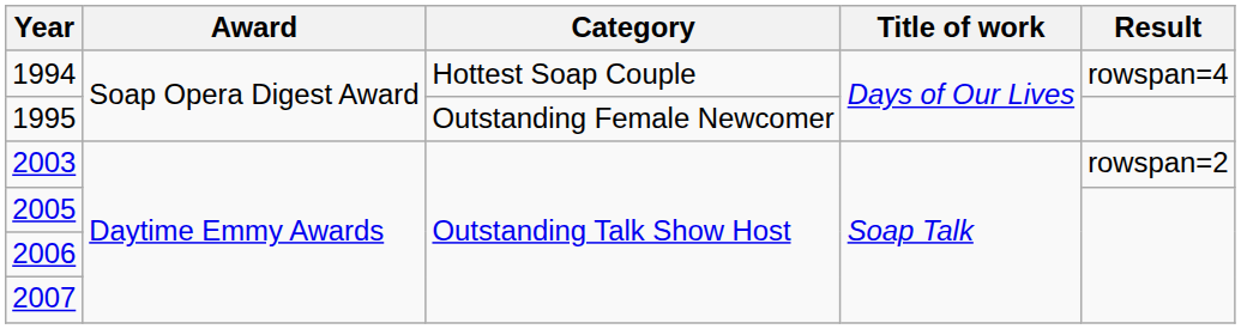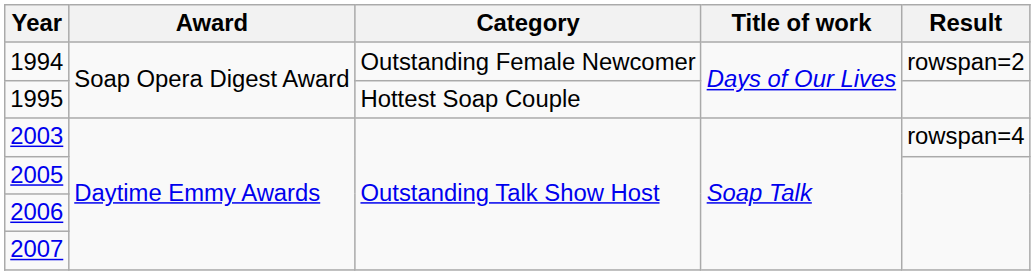 <table class="wikitable sortable">
 <tr>
 <th>Year</th>
 <th>Award</th>
 <th>Category</th>
 <th>Title of work</th>
 <th>Result</th>
 </tr>
 <tr>
 <td>1994</td>
 <td rowspan=2>Soap Opera Digest Award</td>
-<td>Hottest Soap Couple</td>
+<td>Outstanding Female Newcomer</td>
 <td rowspan=2><em><a href='#'>Days of Our Lives</a></em></td>
-<td>rowspan=4 </td>
+<td>rowspan=2 </td>
 </tr>
 <tr>
 <td>1995</td>
-<td>Outstanding Female Newcomer</td>
+<td>Hottest Soap Couple</td>
 </tr>
 <tr>
 <td><a href='#'>2003</a></td>
 <td rowspan=4><a href='#'>Daytime Emmy Awards</a></td>
 <td rowspan=4><a href='#'>Outstanding Talk Show Host</a></td>
 <td rowspan=4><em><a href='#'>Soap Talk</a></em></td>
-<td>rowspan=2 </td>
+<td>rowspan=4 </td>
 </tr>
 <tr>
 <td><a href='#'>2005</a></td>
 </tr>
 <tr>
 <td><a href='#'>2006</a></td>
 </tr>
 <tr>
 <td><a href='#'>2007</a></td>
 </tr>
 </table>
